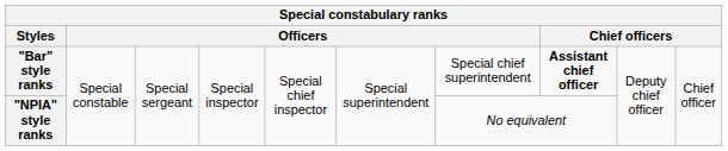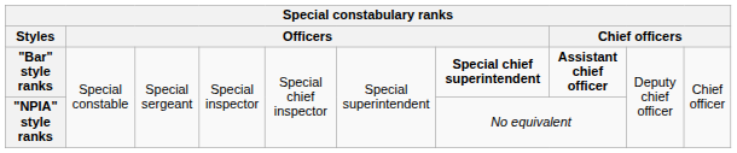 <table class="wikitable" width=100% style="text-align:center">
 <tr>
 <th colspan=10>Special constabulary ranks</th>
 </tr>
 <tr>
 <th>Styles</th>
 <th colspan=6>Officers</th>
 <th colspan=3>Chief officers</th>
 </tr>
 <tr>
 <th>"Bar" style ranks</th>
 <td rowspan=2>Special constable</td>
 <td rowspan=2>Special sergeant</td>
 <td rowspan=2>Special inspector</td>
 <td rowspan=2>Special chief inspector</td>
 <td rowspan=2>Special superintendent</td>
-<td>Special chief superintendent</td>
+<td><strong>Special chief superintendent</strong></td>
 <td><strong>Assistant chief officer</strong></td>
 <td rowspan=2>Deputy chief officer</td>
 <td rowspan=2>Chief officer</td>
 </tr>
 <tr>
 <th>"NPIA" style ranks</th>
 <td colspan=2><em>No equivalent</em></td>
 </tr>
 </table>
